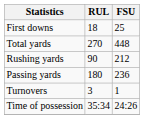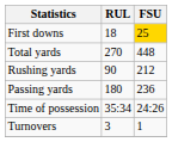 <table class="wikitable">
 <tr>
 <th>Statistics</th>
 <th>RUL</th>
 <th>FSU</th>
 </tr>
 <tr>
 <td>First downs</td>
 <td>18</td>
-<td>25</td>
+<td style="background: gold;">25</td>
 </tr>
 <tr>
 <td>Total yards</td>
 <td>270</td>
 <td>448</td>
 </tr>
 <tr>
 <td>Rushing yards</td>
 <td>90</td>
 <td>212</td>
 </tr>
 <tr>
 <td>Passing yards</td>
 <td>180</td>
 <td>236</td>
 </tr>
 <tr>
+<td>Time of possession</td>
+<td>35:34</td>
+<td>24:26</td>
+</tr>
+<tr>
 <td>Turnovers</td>
 <td>3</td>
 <td>1</td>
 </tr>
 <tr>
-<td>Time of possession</td>
-<td>35:34</td>
-<td>24:26</td>
-</tr>
-<tr>
 </tr>
 </table>
